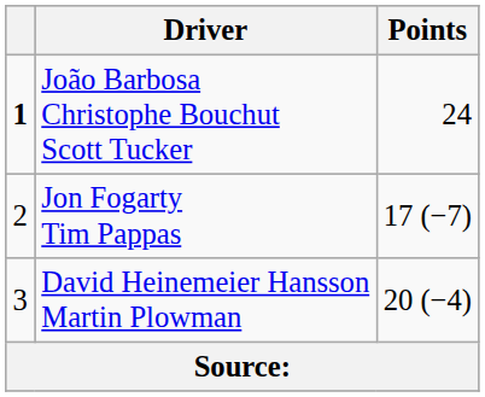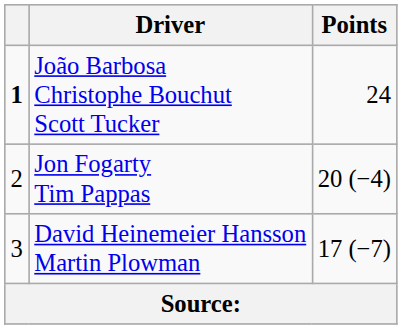 <table class="wikitable" style="font-size: 95%;">
 <tr>
 <th scope="col"></th>
 <th scope="col">Driver</th>
 <th scope="col">Points</th>
 </tr>
 <tr>
 <td align=center><strong>1</strong></td>
 <td> <a href='#'>João Barbosa</a><br> <a href='#'>Christophe Bouchut</a><br> <a href='#'>Scott Tucker</a></td>
 <td align=right>24</td>
 </tr>
 <tr>
 <td align=center>2</td>
 <td> <a href='#'>Jon Fogarty</a><br> <a href='#'>Tim Pappas</a></td>
-<td align=right>17 (−7)</td>
+<td align=right>20 (−4)</td>
 </tr>
 <tr>
 <td align=center>3</td>
 <td> <a href='#'>David Heinemeier Hansson</a><br> <a href='#'>Martin Plowman</a></td>
-<td align=right>20 (−4)</td>
+<td align=right>17 (−7)</td>
 </tr>
 <tr>
 <th colspan=4>Source:</th>
 </tr>
 </table>
